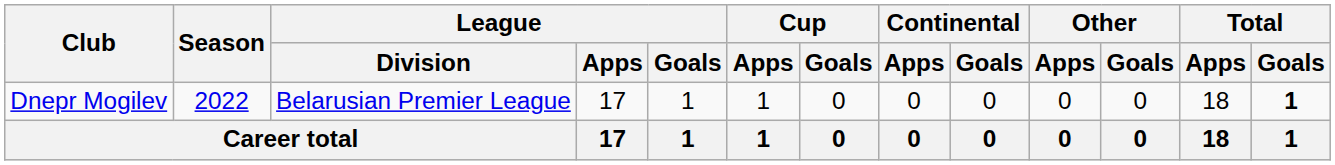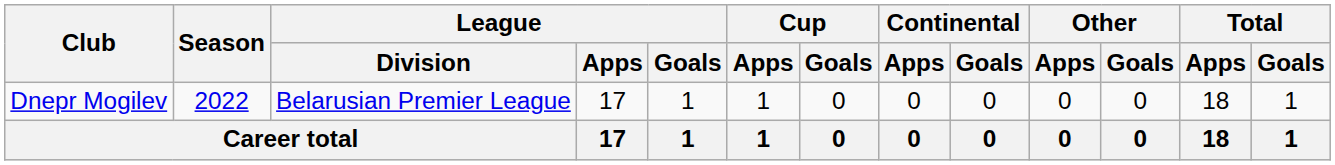 <table class="wikitable" style="text-align: center">
 <tr>
 <th rowspan="2">Club</th>
 <th rowspan="2">Season</th>
 <th colspan="3">League</th>
 <th colspan="2">Cup</th>
 <th colspan="2">Continental</th>
 <th colspan="2">Other</th>
 <th colspan="2">Total</th>
 </tr>
 <tr>
 <th>Division</th>
 <th>Apps</th>
 <th>Goals</th>
 <th>Apps</th>
 <th>Goals</th>
 <th>Apps</th>
 <th>Goals</th>
 <th>Apps</th>
 <th>Goals</th>
 <th>Apps</th>
 <th>Goals</th>
 </tr>
 <tr>
 <td><a href='#'>Dnepr Mogilev</a></td>
 <td><a href='#'>2022</a></td>
 <td><a href='#'>Belarusian Premier League</a></td>
 <td>17</td>
 <td>1</td>
 <td>1</td>
 <td>0</td>
 <td>0</td>
 <td>0</td>
 <td>0</td>
 <td>0</td>
 <td>18</td>
-<td><strong>1</strong></td>
+<td>1</td>
 </tr>
 <tr>
 <th colspan="3"><strong>Career total</strong></th>
 <th>17</th>
 <th>1</th>
 <th>1</th>
 <th>0</th>
 <th>0</th>
 <th>0</th>
 <th>0</th>
 <th>0</th>
 <th>18</th>
 <th>1</th>
 </tr>
 </table>
